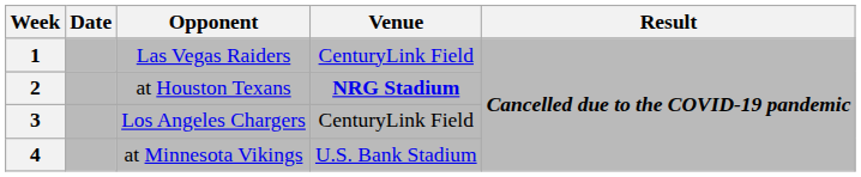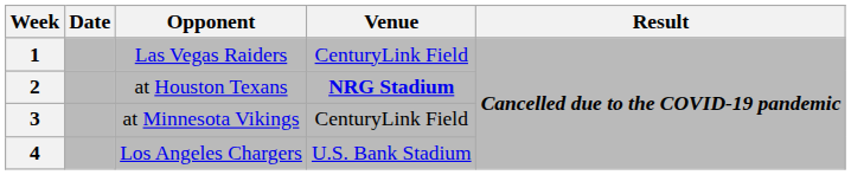 <table class="wikitable" style="text-align:center">
 <tr>
 <th>Week</th>
 <th>Date</th>
 <th>Opponent</th>
 <th>Venue</th>
 <th>Result</th>
 </tr>
 <tr style="background:#bababa">
 <th>1</th>
 <td></td>
 <td><a href='#'>Las Vegas Raiders</a></td>
 <td><a href='#'>CenturyLink Field</a></td>
 <td rowspan=4><strong><em>Cancelled due to the COVID-19 pandemic</em></strong></td>
 </tr>
 <tr style="background:#bababa">
 <th>2</th>
 <td></td>
 <td>at <a href='#'>Houston Texans</a></td>
 <td><strong><a href='#'>NRG Stadium</a></strong></td>
 </tr>
 <tr style="background:#bababa">
 <th>3</th>
 <td></td>
-<td><a href='#'>Los Angeles Chargers</a></td>
+<td>at <a href='#'>Minnesota Vikings</a></td>
 <td>CenturyLink Field</td>
 </tr>
 <tr style="background:#bababa">
 <th>4</th>
 <td></td>
-<td>at <a href='#'>Minnesota Vikings</a></td>
+<td><a href='#'>Los Angeles Chargers</a></td>
 <td><a href='#'>U.S. Bank Stadium</a></td>
 </tr>
 </table>
